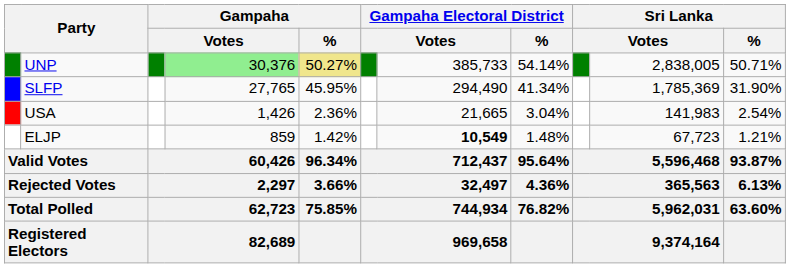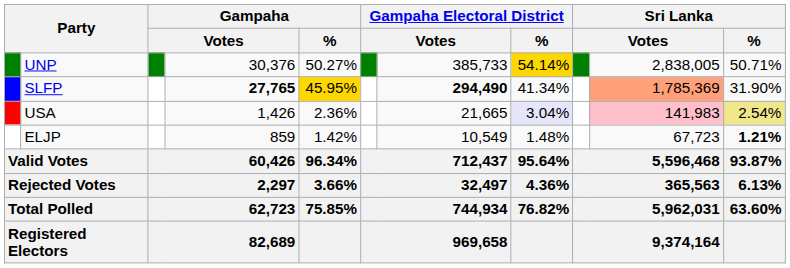 <table class="wikitable">
 <tr>
 <th colspan="2" width="144px"rowspan="2">Party</th>
 <th colspan="3" width="216px">Gampaha</th>
 <th colspan="3" width="216px"><a href='#'>Gampaha Electoral District</a></th>
 <th colspan="3" width="216px">Sri Lanka</th>
 </tr>
 <tr>
 <th colspan="2" width="144px">Votes</th>
 <th>%</th>
 <th colspan="2" width="144px">Votes</th>
 <th>%</th>
 <th colspan="2" width="144px">Votes</th>
 <th>%</th>
 </tr>
 <tr>
 <td style="background-color:green;" width="10px"></td>
 <td style="text-align:left;"><a href='#'>UNP</a></td>
 <td style="background-color:green;" width="10px"></td>
-<td style="background: lightgreen; text-align:right;">30,376</td>
-<td style="background: khaki; text-align:right;">50.27%</td>
+<td style="text-align:right;">30,376</td>
+<td style="text-align:right;">50.27%</td>
 <td style="background-color:green;" width="10px"></td>
 <td style="text-align:right;">385,733</td>
-<td style="text-align:right;">54.14%</td>
+<td style="background: gold; text-align:right;">54.14%</td>
 <td style="background-color:green;" width="10px"></td>
 <td style="text-align:right;">2,838,005</td>
 <td style="text-align:right;">50.71%</td>
 </tr>
 <tr>
 <td style="background-color:blue;" width="10px"></td>
 <td style="text-align:left;"><a href='#'>SLFP</a></td>
 <td style="background-color:white;" width="10px"></td>
-<td style="text-align:right;">27,765</td>
-<td style="text-align:right;">45.95%</td>
+<td style="text-align:right;"><strong>27,765</strong></td>
+<td style="background: gold; text-align:right;">45.95%</td>
 <td style="background-color:white;" width="10px"></td>
-<td style="text-align:right;">294,490</td>
+<td style="text-align:right;"><strong>294,490</strong></td>
 <td style="text-align:right;">41.34%</td>
 <td style="background-color:white;" width="10px"></td>
-<td style="text-align:right;">1,785,369</td>
+<td style="background: lightsalmon; text-align:right;">1,785,369</td>
 <td style="text-align:right;">31.90%</td>
 </tr>
 <tr>
 <td style="background-color:red;" width="10px"></td>
 <td style="text-align:left;">USA</td>
 <td style="background-color:white;" width="10px"></td>
 <td style="text-align:right;">1,426</td>
 <td style="text-align:right;">2.36%</td>
 <td style="background-color:white;" width="10px"></td>
 <td style="text-align:right;">21,665</td>
-<td style="text-align:right;">3.04%</td>
+<td style="background: lavender; text-align:right;">3.04%</td>
 <td style="background-color:white;" width="10px"></td>
-<td style="text-align:right;">141,983</td>
-<td style="text-align:right;">2.54%</td>
+<td style="background: pink; text-align:right;">141,983</td>
+<td style="background: khaki; text-align:right;">2.54%</td>
 </tr>
 <tr>
 <td style="background-color:white;" width="10px"></td>
 <td style="text-align:left;">ELJP</td>
 <td style="background-color:white;" width="10px"></td>
 <td style="text-align:right;">859</td>
 <td style="text-align:right;">1.42%</td>
 <td style="background-color:white;" width="10px"></td>
-<td style="text-align:right;"><strong>10,549</strong></td>
+<td style="text-align:right;">10,549</td>
 <td style="text-align:right;">1.48%</td>
 <td style="background-color:white;" width="10px"></td>
 <td style="text-align:right;">67,723</td>
-<td style="text-align:right;">1.21%</td>
+<td style="text-align:right;"><strong>1.21%</strong></td>
 </tr>
 <tr>
 <th colspan="2" width="144px"style="text-align:left;">Valid Votes</th>
 <th style="text-align:right;"colspan="2" width="144px">60,426</th>
 <th style="text-align:right;">96.34%</th>
 <th style="text-align:right;"colspan="2" width="144px">712,437</th>
 <th style="text-align:right;">95.64%</th>
 <th style="text-align:right;"colspan="2" width="144px">5,596,468</th>
 <th style="text-align:right;">93.87%</th>
 </tr>
 <tr>
 <th colspan="2" width="144px"style="text-align:left;">Rejected Votes</th>
 <th style="text-align:right;"colspan="2" width="144px">2,297</th>
 <th style="text-align:right;">3.66%</th>
 <th style="text-align:right;"colspan="2" width="144px">32,497</th>
 <th style="text-align:right;">4.36%</th>
 <th style="text-align:right;"colspan="2" width="144px">365,563</th>
 <th style="text-align:right;">6.13%</th>
 </tr>
 <tr>
 <th colspan="2" width="144px"style="text-align:left;">Total Polled</th>
 <th style="text-align:right;"colspan="2" width="144px">62,723</th>
 <th style="text-align:right;">75.85%</th>
 <th style="text-align:right;"colspan="2" width="144px">744,934</th>
 <th style="text-align:right;">76.82%</th>
 <th style="text-align:right;"colspan="2" width="144px">5,962,031</th>
 <th style="text-align:right;">63.60%</th>
 </tr>
 <tr>
 <th colspan="2" width="144px"style="text-align:left;">Registered Electors</th>
 <th style="text-align:right;"colspan="2" width="144px">82,689</th>
 <th></th>
 <th style="text-align:right;"colspan="2" width="144px">969,658</th>
 <th></th>
 <th style="text-align:right;"colspan="2" width="144px">9,374,164</th>
 <th></th>
 </tr>
 </table>
